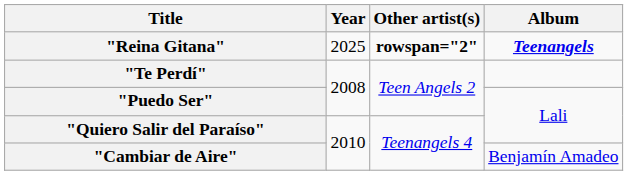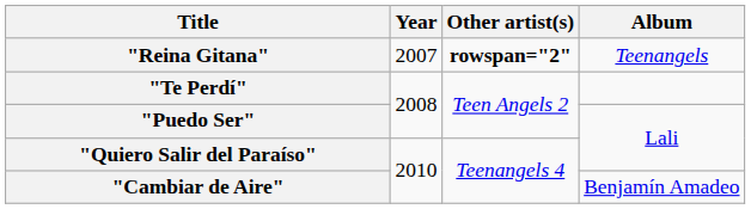 <table class="wikitable plainrowheaders" style="text-align:center;">
 <tr>
 <th scope="col" style="width:18em;">Title</th>
 <th scope="col">Year</th>
 <th scope="col">Other artist(s)</th>
 <th scope="col">Album</th>
 </tr>
 <tr>
 <th scope="row">"Reina Gitana"</th>
-<td rowspan="1">2025</td>
+<td rowspan="1">2007</td>
 <td><strong>rowspan="2" </strong></td>
-<td rowspan="1"><strong><em><a href='#'>Teenangels</a></em></strong></td>
+<td rowspan="1"><em><a href='#'>Teenangels</a></em></td>
 </tr>
 <tr>
 <th scope="row">"Te Perdí"</th>
 <td rowspan="2">2008</td>
 <td rowspan="2"><em><a href='#'>Teen Angels 2</a></em></td>
 </tr>
 <tr>
 <th scope="row">"Puedo Ser"</th>
 <td rowspan="2"><a href='#'>Lali</a></td>
 </tr>
 <tr>
 <th scope="row">"Quiero Salir del Paraíso"</th>
 <td rowspan="2">2010</td>
 <td rowspan="2"><em><a href='#'>Teenangels 4</a></em></td>
 </tr>
 <tr>
 <th scope="row">"Cambiar de Aire"</th>
 <td><a href='#'>Benjamín Amadeo</a></td>
 </tr>
 </table>
